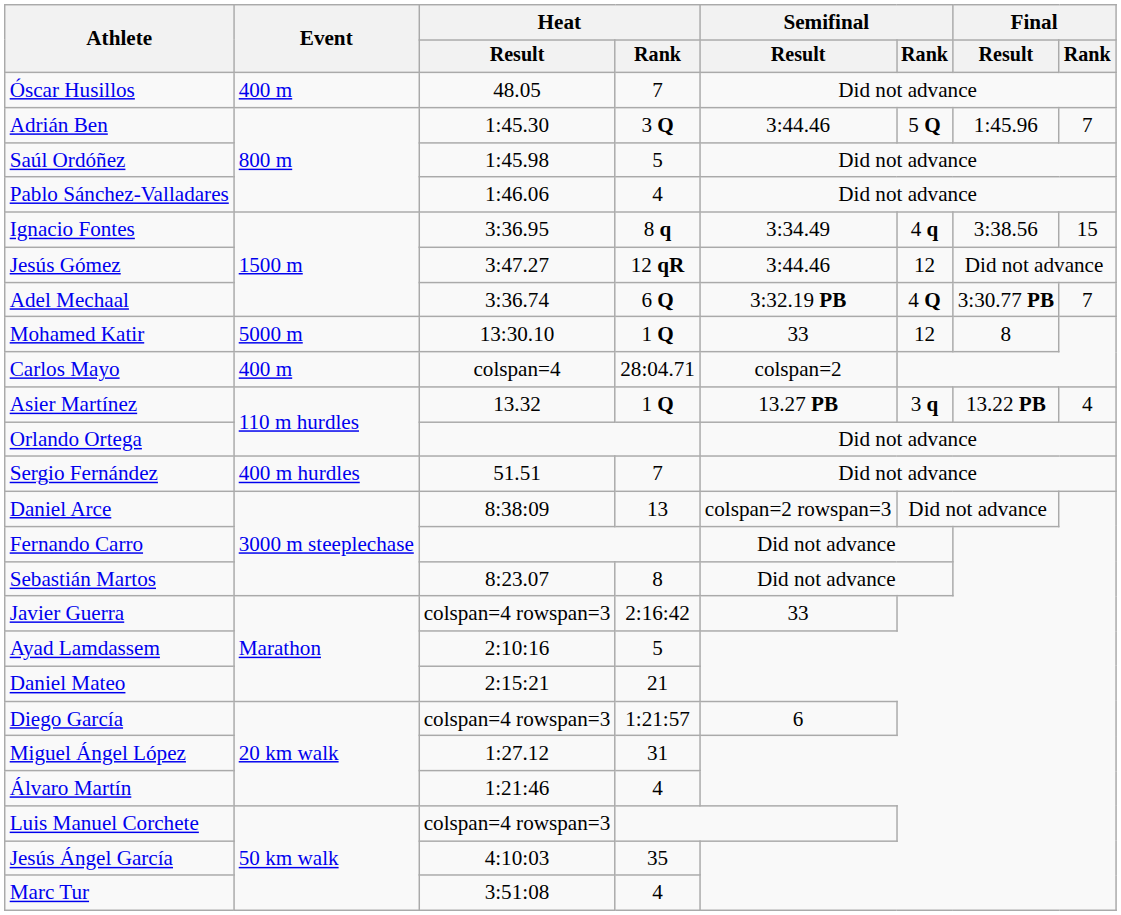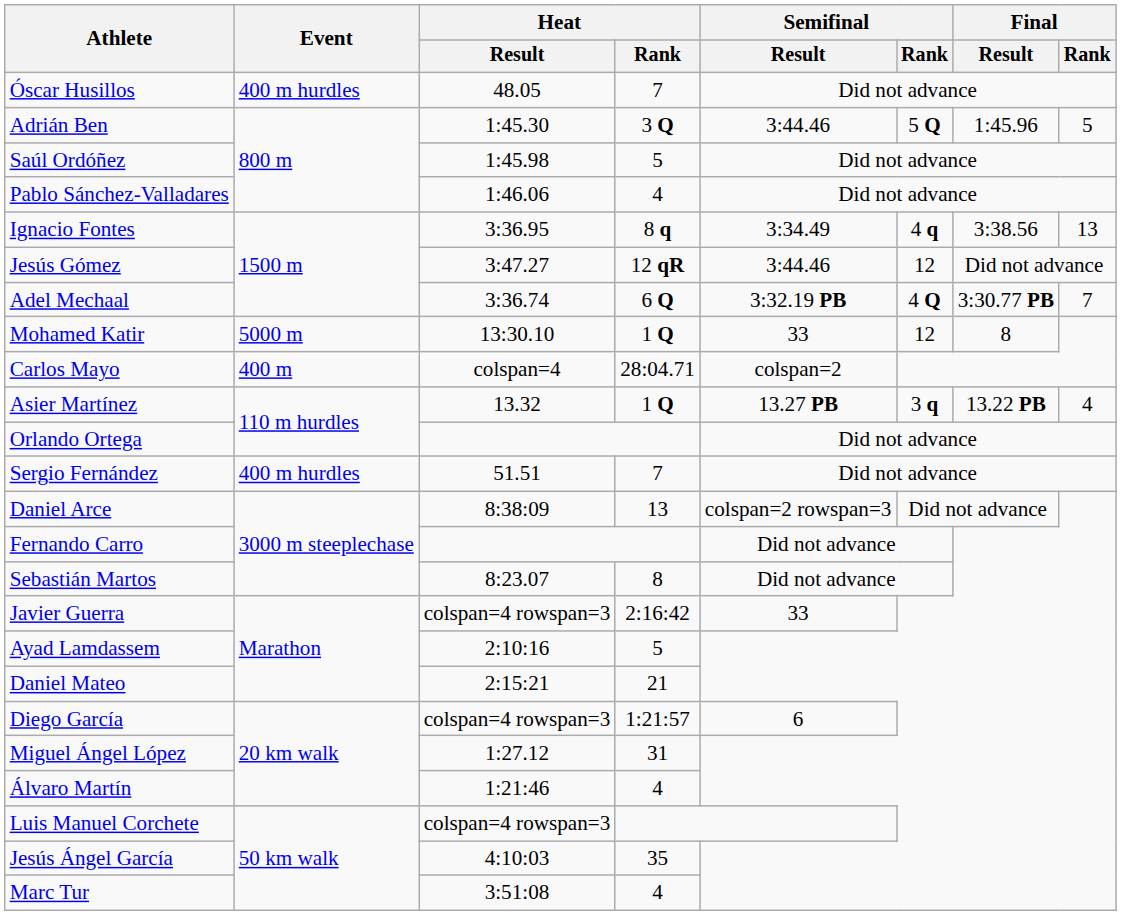 <table class="wikitable" style="font-size:90%">
 <tr>
 <th rowspan="2">Athlete</th>
 <th rowspan="2">Event</th>
 <th colspan="2">Heat</th>
 <th colspan="2">Semifinal</th>
 <th colspan="2">Final</th>
 </tr>
 <tr style="font-size:95%">
 <th>Result</th>
 <th>Rank</th>
 <th>Result</th>
 <th>Rank</th>
 <th>Result</th>
 <th>Rank</th>
 </tr>
 <tr align=center>
 <td align=left><a href='#'>Óscar Husillos</a></td>
-<td align=left><a href='#'>400 m</a></td>
+<td align=left><a href='#'>400 m hurdles</a></td>
 <td>48.05</td>
 <td>7</td>
 <td colspan=4>Did not advance</td>
 </tr>
 <tr align=center>
 <td align=left><a href='#'>Adrián Ben</a></td>
 <td align=left rowspan=3><a href='#'>800 m</a></td>
 <td>1:45.30</td>
 <td>3 <strong>Q</strong></td>
 <td>3:44.46</td>
 <td>5 <strong>Q</strong></td>
 <td>1:45.96</td>
-<td>7</td>
+<td>5</td>
 </tr>
 <tr align=center>
 <td align=left><a href='#'>Saúl Ordóñez</a></td>
 <td>1:45.98</td>
 <td>5</td>
 <td colspan=4>Did not advance</td>
 </tr>
 <tr align=center>
 <td align=left><a href='#'>Pablo Sánchez-Valladares</a></td>
 <td>1:46.06</td>
 <td>4</td>
 <td colspan=4>Did not advance</td>
 </tr>
 <tr align=center>
 <td align=left><a href='#'>Ignacio Fontes</a></td>
 <td align=left rowspan=3><a href='#'>1500 m</a></td>
 <td>3:36.95</td>
 <td>8 <strong>q</strong></td>
 <td>3:34.49</td>
 <td>4 <strong>q</strong></td>
 <td>3:38.56</td>
-<td>15</td>
+<td>13</td>
 </tr>
 <tr align=center>
 <td align=left><a href='#'>Jesús Gómez</a></td>
 <td>3:47.27</td>
 <td>12 <strong>qR</strong></td>
 <td>3:44.46</td>
 <td>12</td>
 <td colspan=2>Did not advance</td>
 </tr>
 <tr align=center>
 <td align=left><a href='#'>Adel Mechaal</a></td>
 <td>3:36.74</td>
 <td>6 <strong>Q</strong></td>
 <td>3:32.19 <strong>PB</strong></td>
 <td>4 <strong>Q</strong></td>
 <td>3:30.77 <strong>PB</strong></td>
 <td>7</td>
 </tr>
 <tr align=center>
 <td align=left><a href='#'>Mohamed Katir</a></td>
 <td align=left><a href='#'>5000 m</a></td>
 <td>13:30.10</td>
 <td>1 <strong>Q</strong></td>
 <td>33</td>
 <td>12</td>
 <td>8</td>
 </tr>
 <tr align=center>
 <td align=left><a href='#'>Carlos Mayo</a></td>
 <td align=left><a href='#'>400 m</a></td>
 <td>colspan=4 </td>
 <td>28:04.71</td>
 <td>colspan=2 </td>
 </tr>
 <tr align=center>
 <td align=left><a href='#'>Asier Martínez</a></td>
 <td align=left rowspan=2><a href='#'>110 m hurdles</a></td>
 <td>13.32</td>
 <td>1 <strong>Q</strong></td>
 <td>13.27 <strong>PB</strong></td>
 <td>3 <strong>q</strong></td>
 <td>13.22 <strong>PB</strong></td>
 <td>4</td>
 </tr>
 <tr align=center>
 <td align=left><a href='#'>Orlando Ortega</a></td>
 <td colspan=2></td>
 <td colspan=4>Did not advance</td>
 </tr>
 <tr align=center>
 <td align=left><a href='#'>Sergio Fernández</a></td>
 <td align=left><a href='#'>400 m hurdles</a></td>
 <td>51.51</td>
 <td>7</td>
 <td colspan=4>Did not advance</td>
 </tr>
 <tr align=center>
 <td align=left><a href='#'>Daniel Arce</a></td>
 <td align=left rowspan=3><a href='#'>3000 m steeplechase</a></td>
 <td>8:38:09</td>
 <td>13</td>
 <td>colspan=2 rowspan=3 </td>
 <td colspan=2>Did not advance</td>
 </tr>
 <tr align=center>
 <td align=left><a href='#'>Fernando Carro</a></td>
 <td colspan=2></td>
 <td colspan=2>Did not advance</td>
 </tr>
 <tr align=center>
 <td align=left><a href='#'>Sebastián Martos</a></td>
 <td>8:23.07</td>
 <td>8</td>
 <td colspan=2>Did not advance</td>
 </tr>
 <tr align=center>
 <td align=left><a href='#'>Javier Guerra</a></td>
 <td align=left rowspan=3><a href='#'>Marathon</a></td>
 <td>colspan=4 rowspan=3 </td>
 <td>2:16:42</td>
 <td>33</td>
 </tr>
 <tr align=center>
 <td align=left><a href='#'>Ayad Lamdassem</a></td>
 <td>2:10:16</td>
 <td>5</td>
 </tr>
 <tr align=center>
 <td align=left><a href='#'>Daniel Mateo</a></td>
 <td>2:15:21</td>
 <td>21</td>
 </tr>
 <tr align=center>
 <td align=left><a href='#'>Diego García</a></td>
 <td align=left rowspan=3><a href='#'>20 km walk</a></td>
 <td>colspan=4 rowspan=3 </td>
 <td>1:21:57</td>
 <td>6</td>
 </tr>
 <tr align=center>
 <td align=left><a href='#'>Miguel Ángel López</a></td>
 <td>1:27.12</td>
 <td>31</td>
 </tr>
 <tr align=center>
 <td align=left><a href='#'>Álvaro Martín</a></td>
 <td>1:21:46</td>
 <td>4</td>
 </tr>
 <tr align=center>
 <td align=left><a href='#'>Luis Manuel Corchete</a></td>
 <td align=left rowspan=3><a href='#'>50 km walk</a></td>
 <td>colspan=4 rowspan=3 </td>
 <td colspan="2"></td>
 </tr>
 <tr align=center>
 <td align=left><a href='#'>Jesús Ángel García</a></td>
 <td>4:10:03</td>
 <td>35</td>
 </tr>
 <tr align=center>
 <td align=left><a href='#'>Marc Tur</a></td>
 <td>3:51:08</td>
 <td>4</td>
 </tr>
 </table>
